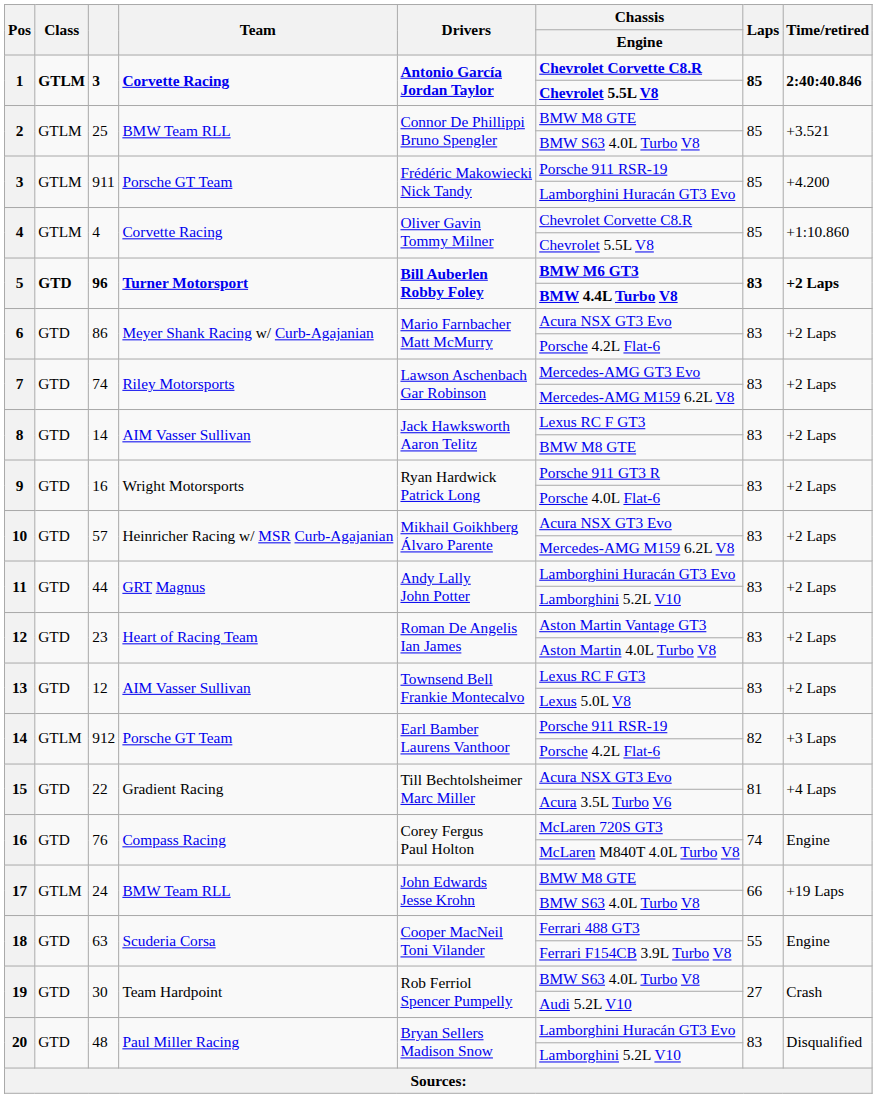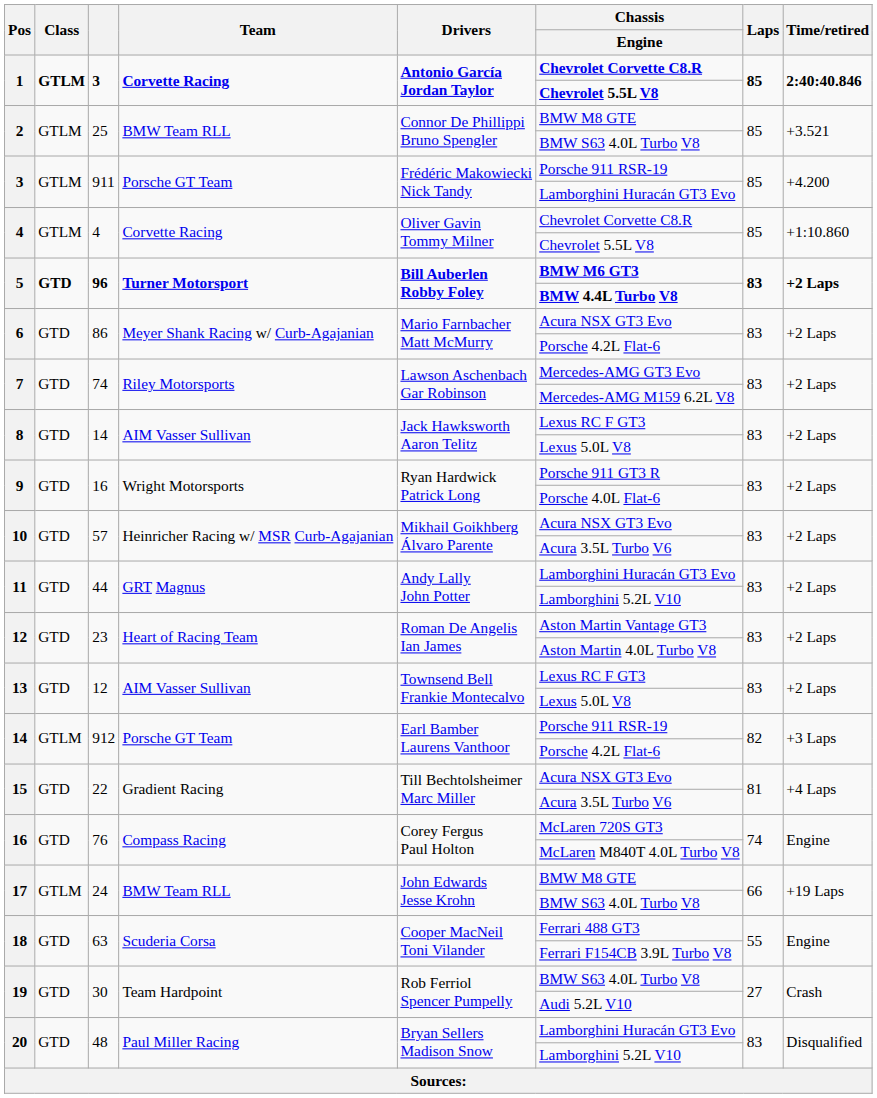 <table class="wikitable" style="font-size: 95%;">
 <tr>
 <th rowspan=2>Pos</th>
 <th rowspan=2>Class</th>
 <th rowspan=2></th>
 <th rowspan=2>Team</th>
 <th rowspan=2>Drivers</th>
 <th>Chassis</th>
 <th rowspan=2>Laps</th>
 <th rowspan=2>Time/retired</th>
 </tr>
 <tr>
 <th>Engine</th>
 </tr>
 <tr style="font-weight:bold">
 <th rowspan=2>1</th>
 <td rowspan=2>GTLM</td>
 <td rowspan=2>3</td>
 <td rowspan=2> <a href='#'>Corvette Racing</a></td>
 <td rowspan=2> <a href='#'>Antonio García</a><br> <a href='#'>Jordan Taylor</a></td>
 <td><a href='#'>Chevrolet Corvette C8.R</a></td>
 <td rowspan=2>85</td>
 <td rowspan=2>2:40:40.846</td>
 </tr>
 <tr style="font-weight:bold">
 <td><a href='#'>Chevrolet</a> 5.5L <a href='#'>V8</a></td>
 </tr>
 <tr>
 <th rowspan=2>2</th>
 <td rowspan=2>GTLM</td>
 <td rowspan=2>25</td>
 <td rowspan=2> <a href='#'>BMW Team RLL</a></td>
 <td rowspan=2> <a href='#'>Connor De Phillippi</a><br> <a href='#'>Bruno Spengler</a></td>
 <td><a href='#'>BMW M8 GTE</a></td>
 <td rowspan=2>85</td>
 <td rowspan=2>+3.521</td>
 </tr>
 <tr>
 <td><a href='#'>BMW S63</a> 4.0L <a href='#'>Turbo</a> <a href='#'>V8</a></td>
 </tr>
 <tr>
 <th rowspan=2>3</th>
 <td rowspan=2>GTLM</td>
 <td rowspan=2>911</td>
 <td rowspan=2> <a href='#'>Porsche GT Team</a></td>
 <td rowspan=2> <a href='#'>Frédéric Makowiecki</a><br> <a href='#'>Nick Tandy</a></td>
 <td><a href='#'>Porsche 911 RSR-19</a></td>
 <td rowspan=2>85</td>
 <td rowspan=2>+4.200</td>
 </tr>
 <tr>
 <td><a href='#'>Lamborghini Huracán GT3 Evo</a></td>
 </tr>
 <tr>
 <th rowspan=2>4</th>
 <td rowspan=2>GTLM</td>
 <td rowspan=2>4</td>
 <td rowspan=2> <a href='#'>Corvette Racing</a></td>
 <td rowspan=2> <a href='#'>Oliver Gavin</a><br> <a href='#'>Tommy Milner</a></td>
 <td><a href='#'>Chevrolet Corvette C8.R</a></td>
 <td rowspan=2>85</td>
 <td rowspan=2>+1:10.860</td>
 </tr>
 <tr>
 <td><a href='#'>Chevrolet</a> 5.5L <a href='#'>V8</a></td>
 </tr>
 <tr style="font-weight:bold">
 <th rowspan=2>5</th>
 <td rowspan=2>GTD</td>
 <td rowspan=2>96</td>
 <td rowspan=2> <a href='#'>Turner Motorsport</a></td>
 <td rowspan=2> <a href='#'>Bill Auberlen</a><br> <a href='#'>Robby Foley</a></td>
 <td><a href='#'>BMW M6 GT3</a></td>
 <td rowspan=2>83</td>
 <td rowspan=2>+2 Laps</td>
 </tr>
 <tr style="font-weight:bold">
 <td><a href='#'>BMW</a> 4.4L <a href='#'>Turbo</a> <a href='#'>V8</a></td>
 </tr>
 <tr>
 <th rowspan=2>6</th>
 <td rowspan=2>GTD</td>
 <td rowspan=2>86</td>
 <td rowspan=2> <a href='#'>Meyer Shank Racing</a> w/ <a href='#'>Curb-Agajanian</a></td>
 <td rowspan=2> <a href='#'>Mario Farnbacher</a><br> <a href='#'>Matt McMurry</a></td>
 <td><a href='#'>Acura NSX GT3 Evo</a></td>
 <td rowspan=2>83</td>
 <td rowspan=2>+2 Laps</td>
 </tr>
 <tr>
 <td><a href='#'>Porsche</a> 4.2L <a href='#'>Flat-6</a></td>
 </tr>
 <tr>
 <th rowspan=2>7</th>
 <td rowspan=2>GTD</td>
 <td rowspan=2>74</td>
 <td rowspan=2> <a href='#'>Riley Motorsports</a></td>
 <td rowspan=2> <a href='#'>Lawson Aschenbach</a><br> <a href='#'>Gar Robinson</a></td>
 <td><a href='#'>Mercedes-AMG GT3 Evo</a></td>
 <td rowspan=2>83</td>
 <td rowspan=2>+2 Laps</td>
 </tr>
 <tr>
 <td><a href='#'>Mercedes-AMG M159</a> 6.2L <a href='#'>V8</a></td>
 </tr>
 <tr>
 <th rowspan=2>8</th>
 <td rowspan=2>GTD</td>
 <td rowspan=2>14</td>
 <td rowspan=2> <a href='#'>AIM Vasser Sullivan</a></td>
 <td rowspan=2> <a href='#'>Jack Hawksworth</a><br> <a href='#'>Aaron Telitz</a></td>
 <td><a href='#'>Lexus RC F GT3</a></td>
 <td rowspan=2>83</td>
 <td rowspan=2>+2 Laps</td>
 </tr>
 <tr>
-<td><a href='#'>BMW M8 GTE</a></td>
+<td><a href='#'>Lexus</a> 5.0L <a href='#'>V8</a></td>
 </tr>
 <tr>
 <th rowspan=2>9</th>
 <td rowspan=2>GTD</td>
 <td rowspan=2>16</td>
 <td rowspan=2> Wright Motorsports</td>
 <td rowspan=2> Ryan Hardwick<br> <a href='#'>Patrick Long</a></td>
 <td><a href='#'>Porsche 911 GT3 R</a></td>
 <td rowspan=2>83</td>
 <td rowspan=2>+2 Laps</td>
 </tr>
 <tr>
 <td><a href='#'>Porsche</a> 4.0L <a href='#'>Flat-6</a></td>
 </tr>
 <tr>
 <th rowspan=2>10</th>
 <td rowspan=2>GTD</td>
 <td rowspan=2>57</td>
 <td rowspan=2> Heinricher Racing w/ <a href='#'>MSR</a> <a href='#'>Curb-Agajanian</a></td>
 <td rowspan=2> <a href='#'>Mikhail Goikhberg</a><br> <a href='#'>Álvaro Parente</a></td>
 <td><a href='#'>Acura NSX GT3 Evo</a></td>
 <td rowspan=2>83</td>
 <td rowspan=2>+2 Laps</td>
 </tr>
 <tr>
-<td><a href='#'>Mercedes-AMG M159</a> 6.2L <a href='#'>V8</a></td>
+<td><a href='#'>Acura</a> 3.5L <a href='#'>Turbo</a> <a href='#'>V6</a></td>
 </tr>
 <tr>
 <th rowspan=2>11</th>
 <td rowspan=2>GTD</td>
 <td rowspan=2>44</td>
 <td rowspan=2> <a href='#'>GRT</a> <a href='#'>Magnus</a></td>
 <td rowspan=2> <a href='#'>Andy Lally</a><br> <a href='#'>John Potter</a></td>
 <td><a href='#'>Lamborghini Huracán GT3 Evo</a></td>
 <td rowspan=2>83</td>
 <td rowspan=2>+2 Laps</td>
 </tr>
 <tr>
 <td><a href='#'>Lamborghini</a> 5.2L <a href='#'>V10</a></td>
 </tr>
 <tr>
 <th rowspan=2>12</th>
 <td rowspan=2>GTD</td>
 <td rowspan=2>23</td>
 <td rowspan=2> <a href='#'>Heart of Racing Team</a></td>
 <td rowspan=2> <a href='#'>Roman De Angelis</a><br> <a href='#'>Ian James</a></td>
 <td><a href='#'>Aston Martin Vantage GT3</a></td>
 <td rowspan=2>83</td>
 <td rowspan=2>+2 Laps</td>
 </tr>
 <tr>
 <td><a href='#'>Aston Martin</a> 4.0L <a href='#'>Turbo</a> <a href='#'>V8</a></td>
 </tr>
 <tr>
 <th rowspan=2>13</th>
 <td rowspan=2>GTD</td>
 <td rowspan=2>12</td>
 <td rowspan=2> <a href='#'>AIM Vasser Sullivan</a></td>
 <td rowspan=2> <a href='#'>Townsend Bell</a><br> <a href='#'>Frankie Montecalvo</a></td>
 <td><a href='#'>Lexus RC F GT3</a></td>
 <td rowspan=2>83</td>
 <td rowspan=2>+2 Laps</td>
 </tr>
 <tr>
 <td><a href='#'>Lexus</a> 5.0L <a href='#'>V8</a></td>
 </tr>
 <tr>
 <th rowspan=2>14</th>
 <td rowspan=2>GTLM</td>
 <td rowspan=2>912</td>
 <td rowspan=2> <a href='#'>Porsche GT Team</a></td>
 <td rowspan=2> <a href='#'>Earl Bamber</a><br> <a href='#'>Laurens Vanthoor</a></td>
 <td><a href='#'>Porsche 911 RSR-19</a></td>
 <td rowspan=2>82</td>
 <td rowspan=2>+3 Laps</td>
 </tr>
 <tr>
 <td><a href='#'>Porsche</a> 4.2L <a href='#'>Flat-6</a></td>
 </tr>
 <tr>
 <th rowspan=2>15</th>
 <td rowspan=2>GTD</td>
 <td rowspan=2>22</td>
 <td rowspan=2> Gradient Racing</td>
 <td rowspan=2> Till Bechtolsheimer<br> <a href='#'>Marc Miller</a></td>
 <td><a href='#'>Acura NSX GT3 Evo</a></td>
 <td rowspan=2>81</td>
 <td rowspan=2>+4 Laps</td>
 </tr>
 <tr>
 <td><a href='#'>Acura</a> 3.5L <a href='#'>Turbo</a> <a href='#'>V6</a></td>
 </tr>
 <tr>
 <th rowspan=2>16</th>
 <td rowspan=2>GTD</td>
 <td rowspan=2>76</td>
 <td rowspan=2> <a href='#'>Compass Racing</a></td>
 <td rowspan=2> Corey Fergus<br> Paul Holton</td>
 <td><a href='#'>McLaren 720S GT3</a></td>
 <td rowspan=2>74</td>
 <td rowspan=2>Engine</td>
 </tr>
 <tr>
 <td><a href='#'>McLaren</a> M840T 4.0L <a href='#'>Turbo</a> <a href='#'>V8</a></td>
 </tr>
 <tr>
 <th rowspan=2>17</th>
 <td rowspan=2>GTLM</td>
 <td rowspan=2>24</td>
 <td rowspan=2> <a href='#'>BMW Team RLL</a></td>
 <td rowspan=2> <a href='#'>John Edwards</a><br> <a href='#'>Jesse Krohn</a></td>
 <td><a href='#'>BMW M8 GTE</a></td>
 <td rowspan=2>66</td>
 <td rowspan=2>+19 Laps</td>
 </tr>
 <tr>
 <td><a href='#'>BMW S63</a> 4.0L <a href='#'>Turbo</a> <a href='#'>V8</a></td>
 </tr>
 <tr>
 <th rowspan=2>18</th>
 <td rowspan=2>GTD</td>
 <td rowspan=2>63</td>
 <td rowspan=2> <a href='#'>Scuderia Corsa</a></td>
 <td rowspan=2> <a href='#'>Cooper MacNeil</a><br> <a href='#'>Toni Vilander</a></td>
 <td><a href='#'>Ferrari 488 GT3</a></td>
 <td rowspan=2>55</td>
 <td rowspan=2>Engine</td>
 </tr>
 <tr>
 <td><a href='#'>Ferrari F154CB</a> 3.9L <a href='#'>Turbo</a> <a href='#'>V8</a></td>
 </tr>
 <tr>
 <th rowspan=2>19</th>
 <td rowspan=2>GTD</td>
 <td rowspan=2>30</td>
 <td rowspan=2> Team Hardpoint</td>
 <td rowspan=2> Rob Ferriol<br> <a href='#'>Spencer Pumpelly</a></td>
 <td><a href='#'>BMW S63</a> 4.0L <a href='#'>Turbo</a> <a href='#'>V8</a></td>
 <td rowspan=2>27</td>
 <td rowspan=2>Crash</td>
 </tr>
 <tr>
 <td><a href='#'>Audi</a> 5.2L <a href='#'>V10</a></td>
 </tr>
 <tr>
 <th rowspan=2>20</th>
 <td rowspan=2>GTD</td>
 <td rowspan=2>48</td>
 <td rowspan=2> <a href='#'>Paul Miller Racing</a></td>
 <td rowspan=2> <a href='#'>Bryan Sellers</a><br> <a href='#'>Madison Snow</a></td>
 <td><a href='#'>Lamborghini Huracán GT3 Evo</a></td>
 <td rowspan=2>83</td>
 <td rowspan=2>Disqualified</td>
 </tr>
 <tr>
 <td><a href='#'>Lamborghini</a> 5.2L <a href='#'>V10</a></td>
 </tr>
 <tr>
 <th colspan=8 align=center>Sources:</th>
 </tr>
 </table>
